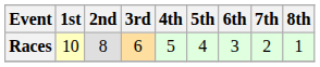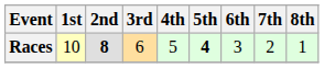 <table class="wikitable" style="font-size: 85%; text-align:center;">
 <tr>
 </tr>
 <tr>
 <th>Event</th>
 <th>1st</th>
 <th>2nd</th>
 <th>3rd</th>
 <th>4th</th>
 <th>5th</th>
 <th>6th</th>
 <th>7th</th>
 <th>8th</th>
 </tr>
 <tr>
 <th>Races</th>
 <td style="background:#FFFFBF;">10</td>
-<td style="background:#DFDFDF;">8</td>
+<td style="background:#DFDFDF;"><strong>8</strong></td>
 <td style="background:#FFDF9F;">6</td>
 <td style="background:#DFFFDF;">5</td>
-<td style="background:#DFFFDF;">4</td>
+<td style="background:#DFFFDF;"><strong>4</strong></td>
 <td style="background:#DFFFDF;">3</td>
 <td style="background:#DFFFDF;">2</td>
 <td style="background:#DFFFDF;">1</td>
 </tr>
 <tr>
 </tr>
 </table>
